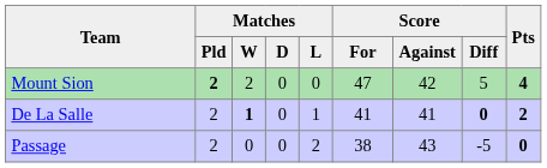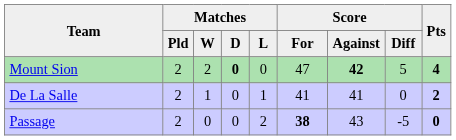 <table style=border-collapse:collapse border=1 cellspacing=0 cellpadding=5>
 <tr align=center bgcolor=#efefef>
 <th rowspan=2 width=165>Team</th>
 <th colspan=4>Matches</th>
 <th colspan=3>Score</th>
 <th rowspan=2width=20>Pts</th>
 </tr>
 <tr align=center bgcolor=#efefef>
 <th width=20>Pld</th>
 <th width=20>W</th>
 <th width=20>D</th>
 <th width=20>L</th>
 <th width=45>For</th>
 <th width=45>Against</th>
 <th width=30>Diff</th>
 </tr>
 <tr align=center  style="background:#ACE1AF;">
 <td style="text-align:left;"><a href='#'>Mount Sion</a></td>
-<td><strong>2</strong></td>
 <td>2</td>
-<td>0</td>
+<td>2</td>
+<td><strong>0</strong></td>
 <td>0</td>
 <td>47</td>
-<td>42</td>
+<td><strong>42</strong></td>
 <td>5</td>
 <td><strong>4</strong></td>
 </tr>
 <tr align=center  style="background:#ccccff;">
 <td style="text-align:left;"><a href='#'>De La Salle</a></td>
 <td>2</td>
-<td><strong>1</strong></td>
+<td>1</td>
 <td>0</td>
 <td>1</td>
 <td>41</td>
 <td>41</td>
-<td><strong>0</strong></td>
+<td>0</td>
 <td><strong>2</strong></td>
 </tr>
 <tr align=center style="background:#ccccff;">
 <td style="text-align:left;"><a href='#'>Passage</a></td>
 <td>2</td>
 <td>0</td>
 <td>0</td>
 <td>2</td>
-<td>38</td>
+<td><strong>38</strong></td>
 <td>43</td>
 <td>-5</td>
 <td><strong>0</strong></td>
 </tr>
 </table>
